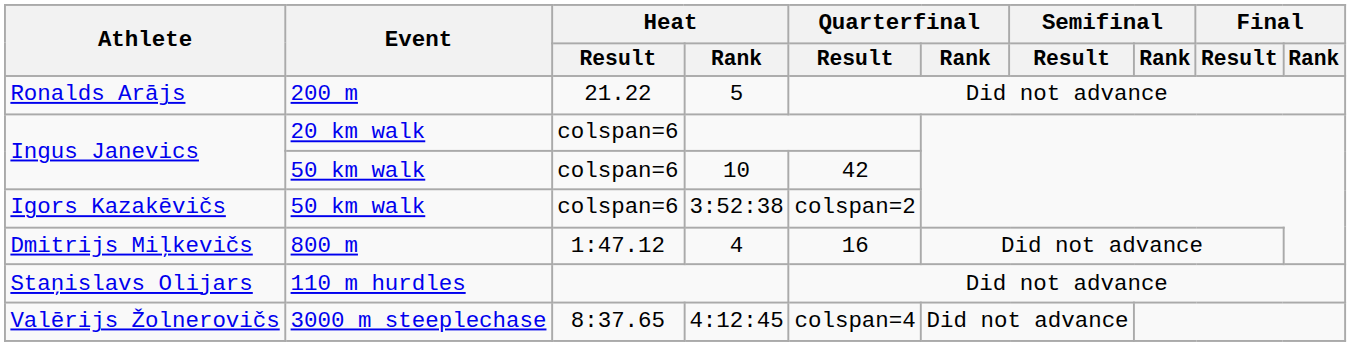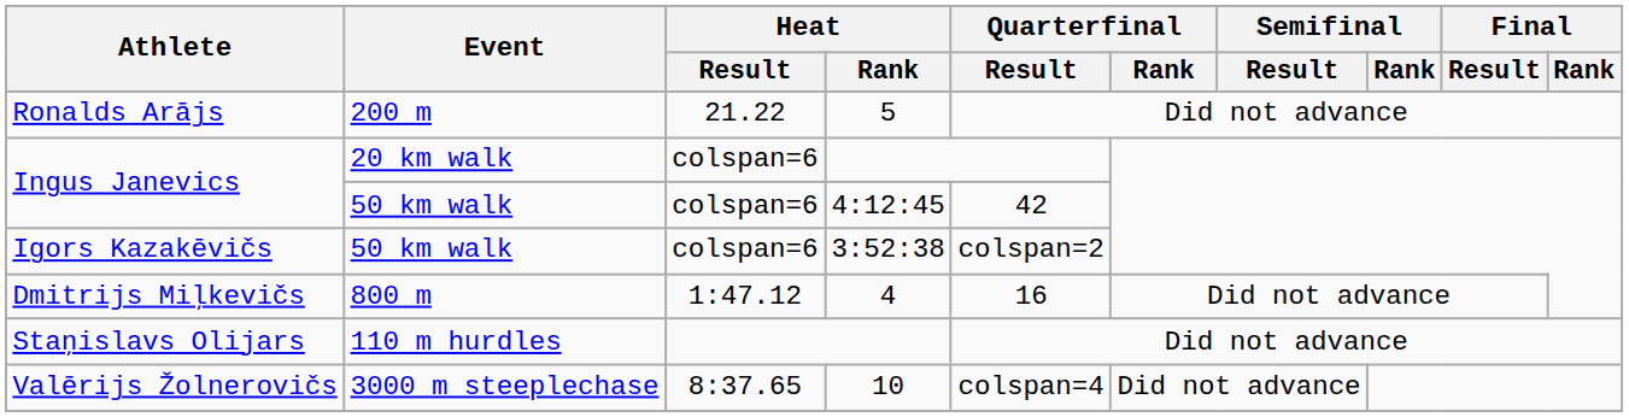 <table class=wikitable style="font-size:90%">
 <tr>
 <th rowspan="2">Athlete</th>
 <th rowspan="2">Event</th>
 <th colspan="2">Heat</th>
 <th colspan="2">Quarterfinal</th>
 <th colspan="2">Semifinal</th>
 <th colspan="2">Final</th>
 </tr>
 <tr style="font-size:95%">
 <th>Result</th>
 <th>Rank</th>
 <th>Result</th>
 <th>Rank</th>
 <th>Result</th>
 <th>Rank</th>
 <th>Result</th>
 <th>Rank</th>
 </tr>
 <tr align=center>
 <td align=left><a href='#'>Ronalds Arājs</a></td>
 <td align=left><a href='#'>200 m</a></td>
 <td>21.22</td>
 <td>5</td>
 <td colspan=6>Did not advance</td>
 </tr>
 <tr align=center>
 <td align=left rowspan=2><a href='#'>Ingus Janevics</a></td>
 <td align=left><a href='#'>20 km walk</a></td>
 <td>colspan=6 </td>
 <td colspan=2></td>
 </tr>
 <tr align=center>
 <td align=left><a href='#'>50 km walk</a></td>
 <td>colspan=6 </td>
-<td>10</td>
+<td>4:12:45</td>
 <td>42</td>
 </tr>
 <tr align=center>
 <td align=left><a href='#'>Igors Kazakēvičs</a></td>
 <td align=left><a href='#'>50 km walk</a></td>
 <td>colspan=6 </td>
 <td>3:52:38</td>
 <td>colspan=2 </td>
 </tr>
 <tr align=center>
 <td align=left><a href='#'>Dmitrijs Miļkevičs</a></td>
 <td align=left><a href='#'>800 m</a></td>
 <td>1:47.12</td>
 <td>4</td>
 <td>16</td>
 <td colspan=4>Did not advance</td>
 </tr>
 <tr align=center>
 <td align=left><a href='#'>Staņislavs Olijars</a></td>
 <td align=left><a href='#'>110 m hurdles</a></td>
 <td colspan=2></td>
 <td colspan=6>Did not advance</td>
 </tr>
 <tr align=center>
 <td align=left><a href='#'>Valērijs Žolnerovičs</a></td>
 <td align=left><a href='#'>3000 m steeplechase</a></td>
 <td>8:37.65</td>
-<td>4:12:45</td>
+<td>10</td>
 <td>colspan=4 </td>
 <td colspan=2>Did not advance</td>
 </tr>
 </table>
